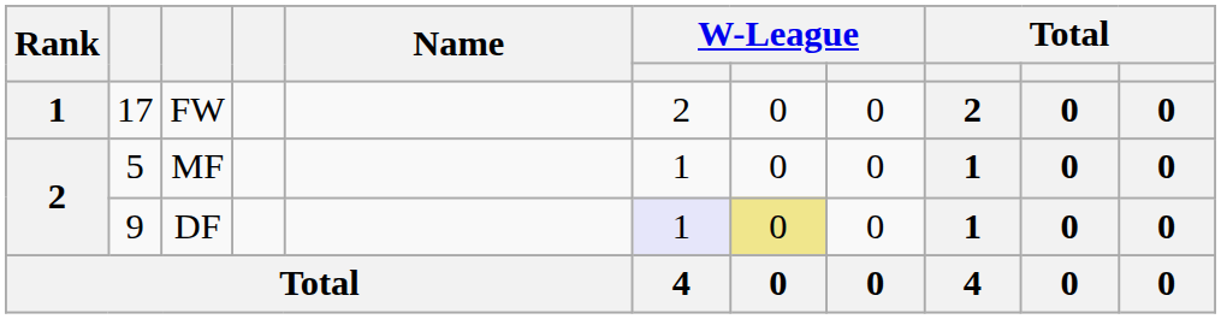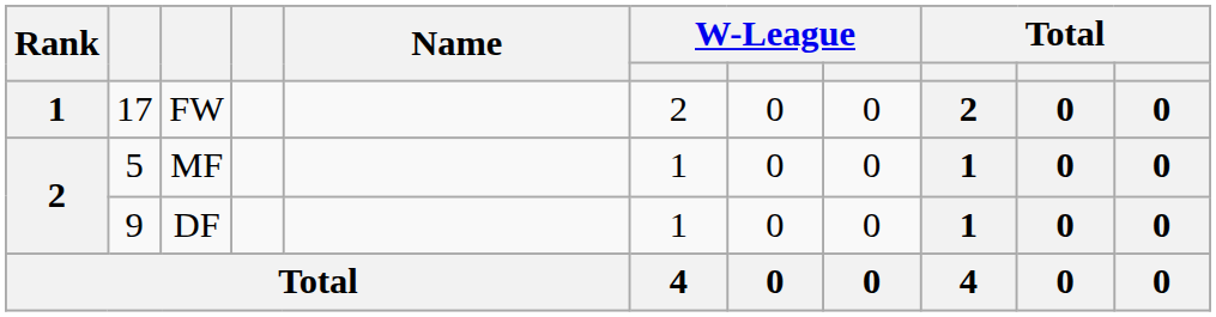 <table class="wikitable sortable" style="text-align:center;">
 <tr>
 <th rowspan="2" width="15">Rank</th>
 <th rowspan="2" width="15"></th>
 <th rowspan="2" width="15"></th>
 <th rowspan="2" width="15"></th>
 <th rowspan="2" width="145">Name</th>
 <th colspan="3" width="120"><a href='#'>W-League</a></th>
 <th colspan="3" width="120">Total</th>
 </tr>
 <tr>
 <th style="width:30px"></th>
 <th style="width:30px"></th>
 <th style="width:30px"></th>
 <th style="width:30px"></th>
 <th style="width:30px"></th>
 <th style="width:30px"></th>
 </tr>
 <tr>
 <th>1</th>
 <td>17</td>
 <td>FW</td>
 <td></td>
 <td align="left"><br></td>
 <td>2</td>
 <td>0</td>
 <td>0<br></td>
 <th>2</th>
 <th>0</th>
 <th>0</th>
 </tr>
 <tr>
 <th rowspan="2">2</th>
 <td>5</td>
 <td>MF</td>
 <td></td>
 <td align="left"><br></td>
 <td>1</td>
 <td>0</td>
 <td>0<br></td>
 <th>1</th>
 <th>0</th>
 <th>0</th>
 </tr>
 <tr>
 <td>9</td>
 <td>DF</td>
 <td></td>
 <td align="left"><br></td>
-<td style="background: lavender;">1</td>
-<td style="background: khaki;">0</td>
+<td>1</td>
+<td>0</td>
 <td>0<br></td>
 <th>1</th>
 <th>0</th>
 <th>0</th>
 </tr>
 <tr>
 <th colspan="5">Total<br></th>
 <th>4</th>
 <th>0</th>
 <th>0<br></th>
 <th>4</th>
 <th>0</th>
 <th>0</th>
 </tr>
 </table>
